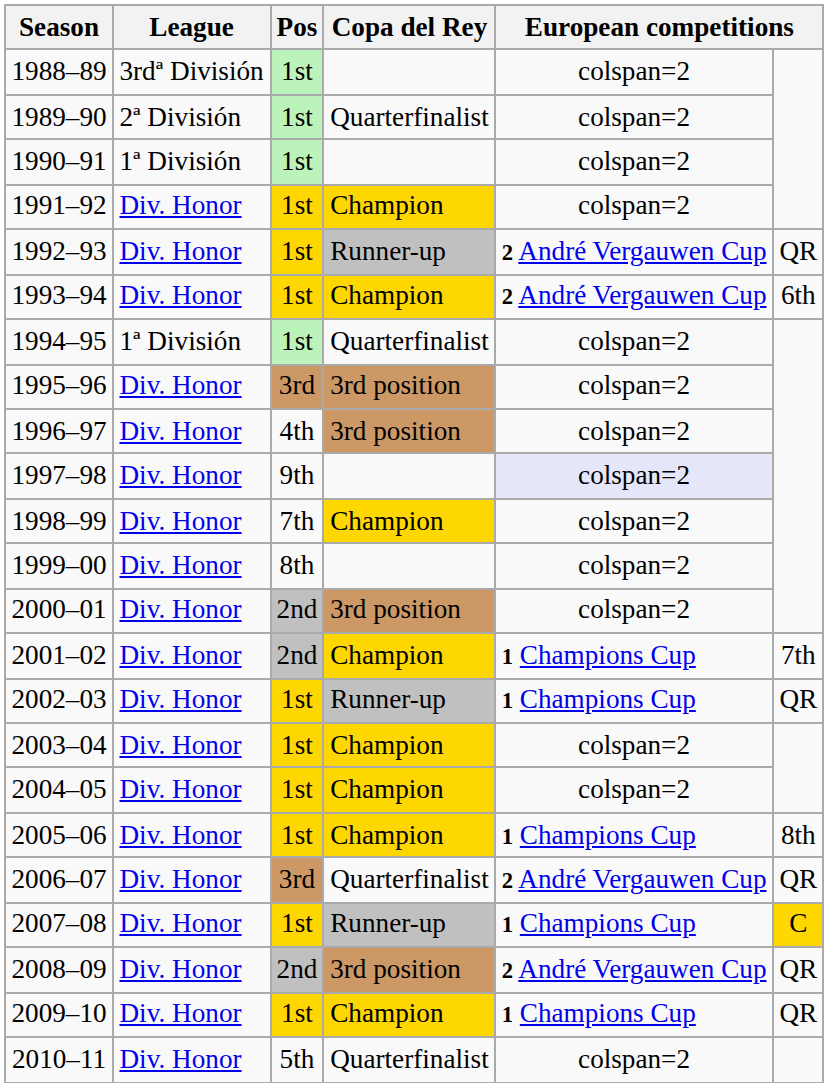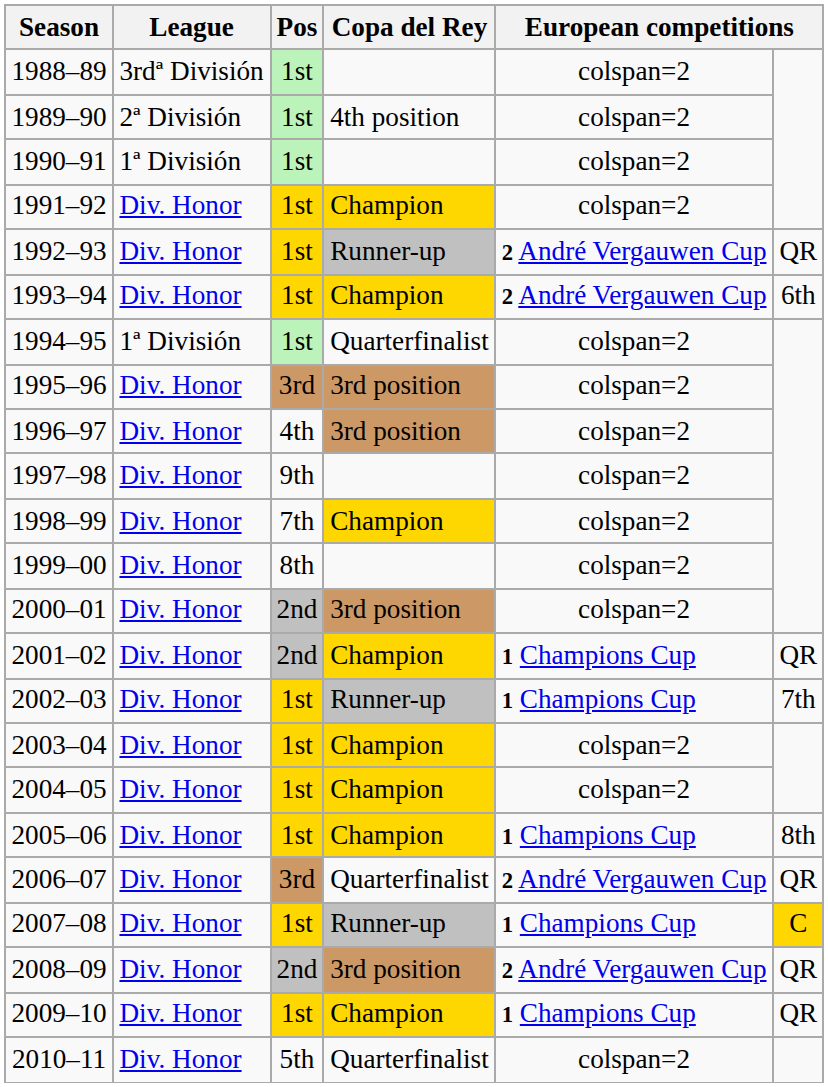 <table class=wikitable style="text-align:center; font-size:85%">
 <tr>
 <th>Season</th>
 <th>League</th>
 <th>Pos</th>
 <th>Copa del Rey</th>
 <th colspan=2>European competitions</th>
 </tr>
 <tr>
 <td>1988–89</td>
 <td align=left>3rdª División</td>
 <td bgcolor=#BBF3BB>1st</td>
 <td></td>
 <td>colspan=2 </td>
 </tr>
 <tr>
 <td>1989–90</td>
 <td align=left>2ª División</td>
 <td bgcolor=#BBF3BB>1st</td>
-<td align=left>Quarterfinalist</td>
+<td align=left>4th position</td>
 <td>colspan=2 </td>
 </tr>
 <tr>
 <td>1990–91</td>
 <td align=left>1ª División</td>
 <td bgcolor=#BBF3BB>1st</td>
 <td></td>
 <td>colspan=2 </td>
 </tr>
 <tr>
 <td>1991–92</td>
 <td align=left><a href='#'>Div. Honor</a></td>
 <td bgcolor=gold>1st</td>
 <td align=left bgcolor=gold>Champion</td>
 <td>colspan=2 </td>
 </tr>
 <tr>
 <td>1992–93</td>
 <td align=left><a href='#'>Div. Honor</a></td>
 <td bgcolor=gold>1st</td>
 <td align=left bgcolor=silver>Runner-up</td>
 <td align=left><small><strong>2</strong></small> <a href='#'>André Vergauwen Cup</a></td>
 <td>QR</td>
 </tr>
 <tr>
 <td>1993–94</td>
 <td align=left><a href='#'>Div. Honor</a></td>
 <td bgcolor=gold>1st</td>
 <td align=left bgcolor=gold>Champion</td>
 <td align=left><small><strong>2</strong></small> <a href='#'>André Vergauwen Cup</a></td>
 <td>6th</td>
 </tr>
 <tr>
 <td>1994–95</td>
 <td align=left>1ª División</td>
 <td bgcolor=#BBF3BB>1st</td>
 <td align=left>Quarterfinalist</td>
 <td>colspan=2 </td>
 </tr>
 <tr>
 <td>1995–96</td>
 <td align=left><a href='#'>Div. Honor</a></td>
 <td bgcolor=#cc9966>3rd</td>
 <td align=left bgcolor=#cc9966>3rd position</td>
 <td>colspan=2 </td>
 </tr>
 <tr>
 <td>1996–97</td>
 <td align=left><a href='#'>Div. Honor</a></td>
 <td>4th</td>
 <td align=left bgcolor=#cc9966>3rd position</td>
 <td>colspan=2 </td>
 </tr>
 <tr>
 <td>1997–98</td>
 <td align=left><a href='#'>Div. Honor</a></td>
 <td>9th</td>
 <td></td>
-<td style="background: lavender;">colspan=2 </td>
+<td>colspan=2 </td>
 </tr>
 <tr>
 <td>1998–99</td>
 <td align=left><a href='#'>Div. Honor</a></td>
 <td>7th</td>
 <td align=left bgcolor=gold>Champion</td>
 <td>colspan=2 </td>
 </tr>
 <tr>
 <td>1999–00</td>
 <td align=left><a href='#'>Div. Honor</a></td>
 <td>8th</td>
 <td></td>
 <td>colspan=2 </td>
 </tr>
 <tr>
 <td>2000–01</td>
 <td align=left><a href='#'>Div. Honor</a></td>
 <td bgcolor=silver>2nd</td>
 <td align=left bgcolor=#cc9966>3rd position</td>
 <td>colspan=2 </td>
 </tr>
 <tr>
 <td>2001–02</td>
 <td align=left><a href='#'>Div. Honor</a></td>
 <td bgcolor=silver>2nd</td>
 <td align=left bgcolor=gold>Champion</td>
 <td align=left><small><strong>1</strong></small> <a href='#'>Champions Cup</a></td>
-<td>7th</td>
+<td>QR</td>
 </tr>
 <tr>
 <td>2002–03</td>
 <td align=left><a href='#'>Div. Honor</a></td>
 <td bgcolor=gold>1st</td>
 <td align=left bgcolor=silver>Runner-up</td>
 <td align=left><small><strong>1</strong></small> <a href='#'>Champions Cup</a></td>
-<td>QR</td>
+<td>7th</td>
 </tr>
 <tr>
 <td>2003–04</td>
 <td align=left><a href='#'>Div. Honor</a></td>
 <td bgcolor=gold>1st</td>
 <td align=left bgcolor=gold>Champion</td>
 <td>colspan=2 </td>
 </tr>
 <tr>
 <td>2004–05</td>
 <td align=left><a href='#'>Div. Honor</a></td>
 <td bgcolor=gold>1st</td>
 <td align=left bgcolor=gold>Champion</td>
 <td>colspan=2 </td>
 </tr>
 <tr>
 <td>2005–06</td>
 <td align=left><a href='#'>Div. Honor</a></td>
 <td bgcolor=gold>1st</td>
 <td align=left bgcolor=gold>Champion</td>
 <td align=left><small><strong>1</strong></small> <a href='#'>Champions Cup</a></td>
 <td>8th</td>
 </tr>
 <tr>
 <td>2006–07</td>
 <td align=left><a href='#'>Div. Honor</a></td>
 <td bgcolor=#cc9966>3rd</td>
 <td align=left>Quarterfinalist</td>
 <td align=left><small><strong>2</strong></small> <a href='#'>André Vergauwen Cup</a></td>
 <td>QR</td>
 </tr>
 <tr>
 <td>2007–08</td>
 <td align=left><a href='#'>Div. Honor</a></td>
 <td bgcolor=gold>1st</td>
 <td align=left bgcolor=silver>Runner-up</td>
 <td align=left><small><strong>1</strong></small> <a href='#'>Champions Cup</a></td>
 <td bgcolor=gold>C</td>
 </tr>
 <tr>
 <td>2008–09</td>
 <td align=left><a href='#'>Div. Honor</a></td>
 <td bgcolor=silver>2nd</td>
 <td align=left bgcolor=#cc9966>3rd position</td>
 <td align=left><small><strong>2</strong></small> <a href='#'>André Vergauwen Cup</a></td>
 <td>QR</td>
 </tr>
 <tr>
 <td>2009–10</td>
 <td align=left><a href='#'>Div. Honor</a></td>
 <td bgcolor=gold>1st</td>
 <td align=left bgcolor=gold>Champion</td>
 <td align=left><small><strong>1</strong></small> <a href='#'>Champions Cup</a></td>
 <td>QR</td>
 </tr>
 <tr>
 <td>2010–11</td>
 <td align=left><a href='#'>Div. Honor</a></td>
 <td>5th</td>
 <td align=left>Quarterfinalist</td>
 <td>colspan=2 </td>
 </tr>
 <tr>
 </tr>
 </table>
